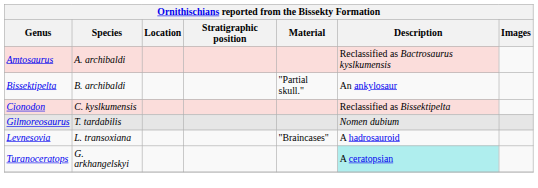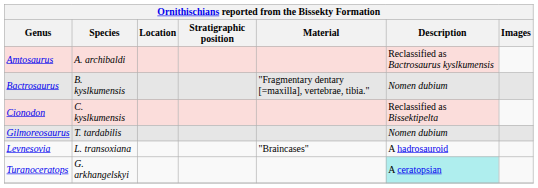 <table class="wikitable" align="center">
 <tr>
 <th colspan="7" align="center"><strong><a href='#'>Ornithischians</a> reported from the Bissekty Formation</strong></th>
 </tr>
 <tr>
 <th>Genus</th>
 <th>Species</th>
 <th>Location</th>
 <th>Stratigraphic position</th>
 <th>Material</th>
 <th>Description</th>
 <th>Images</th>
 </tr>
 <tr>
 <td style="background:#fbdddb;"><em><a href='#'>Amtosaurus</a></em></td>
 <td style="background:#fbdddb;"><em>A. archibaldi</em></td>
 <td style="background:#fbdddb;"></td>
 <td style="background:#fbdddb;"></td>
 <td style="background:#fbdddb;"></td>
 <td style="background:#fbdddb;">Reclassified as <em>Bactrosaurus kyslkumensis</em></td>
 <td></td>
 </tr>
-<tr>
-<td><em><a href='#'>Bissektipelta</a></em></td>
-<td><em>B. archibaldi</em></td>
+<tr style="background:#E6E6E6;">
+<td><em><a href='#'>Bactrosaurus</a></em></td>
+<td><em>B. kyslkumensis</em></td>
 <td></td>
 <td></td>
-<td>"Partial skull."</td>
-<td>An <a href='#'>ankylosaur</a></td>
+<td>"Fragmentary dentary [=maxilla], vertebrae, tibia."</td>
+<td><em>Nomen dubium</em></td>
 <td></td>
 </tr>
 <tr>
 <td style="background:#fbdddb;"><em><a href='#'>Cionodon</a></em></td>
 <td style="background:#fbdddb;"><em>C. kyslkumensis</em></td>
 <td style="background:#fbdddb;"></td>
 <td style="background:#fbdddb;"></td>
 <td style="background:#fbdddb;"></td>
 <td style="background:#fbdddb;">Reclassified as <em>Bissektipelta</em></td>
 <td></td>
 </tr>
 <tr style="background:#E6E6E6;">
 <td><em><a href='#'>Gilmoreosaurus</a></em></td>
 <td><em>T. tardabilis</em></td>
 <td></td>
 <td></td>
 <td></td>
 <td><em>Nomen dubium</em></td>
 <td></td>
 </tr>
 <tr>
 <td><em><a href='#'>Levnesovia</a></em></td>
 <td><em>L. transoxiana</em></td>
 <td></td>
 <td></td>
 <td>"Braincases"</td>
 <td>A <a href='#'>hadrosauroid</a></td>
 <td></td>
 </tr>
 <tr>
 <td><em><a href='#'>Turanoceratops</a></em></td>
 <td><em>G. arkhangelskyi</em></td>
 <td></td>
 <td></td>
 <td></td>
 <td style="background: paleturquoise;">A <a href='#'>ceratopsian</a></td>
 <td></td>
 </tr>
 <tr>
 </tr>
 </table>
